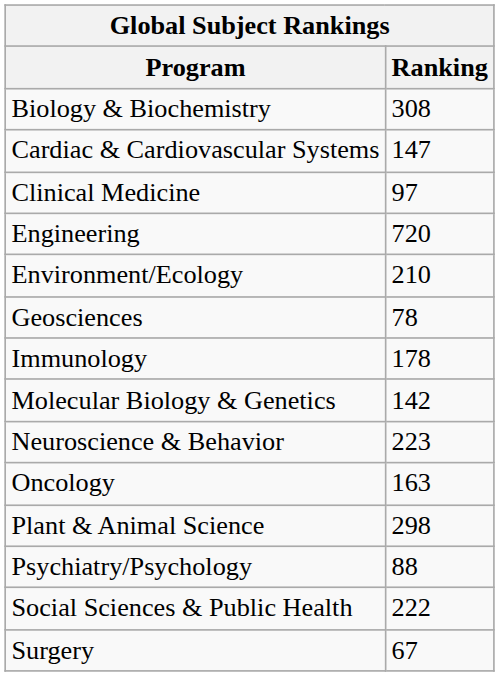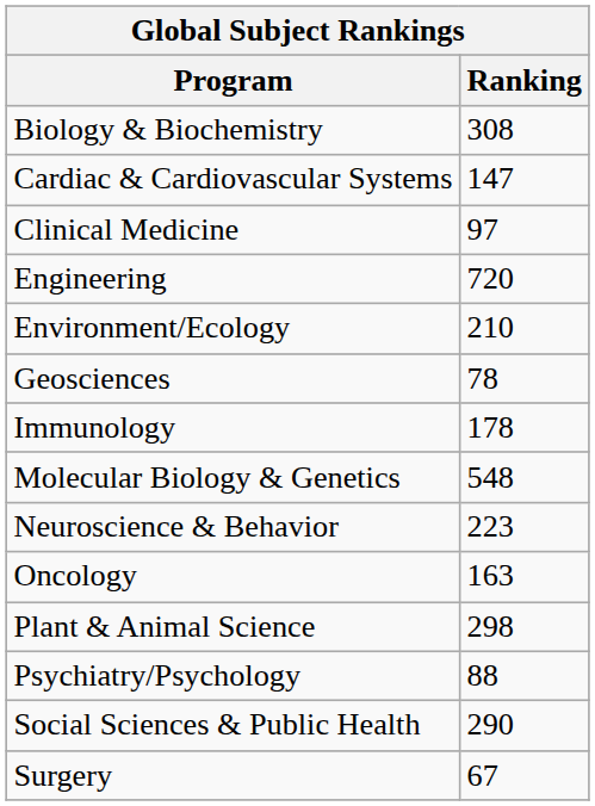 <table class="wikitable sortable collapsible collapsed" style="float:right" "text-align:center">
 <tr>
 <th colspan=4>Global Subject Rankings</th>
 </tr>
 <tr>
 <th>Program</th>
 <th>Ranking</th>
 </tr>
 <tr>
 <td>Biology & Biochemistry</td>
 <td>308</td>
 </tr>
 <tr>
 <td>Cardiac & Cardiovascular Systems</td>
 <td>147</td>
 </tr>
 <tr>
 <td>Clinical Medicine</td>
 <td>97</td>
 </tr>
 <tr>
 <td>Engineering</td>
 <td>720</td>
 </tr>
 <tr>
 <td>Environment/Ecology</td>
 <td>210</td>
 </tr>
 <tr>
 <td>Geosciences</td>
 <td>78</td>
 </tr>
 <tr>
 <td>Immunology</td>
 <td>178</td>
 </tr>
 <tr>
 <td>Molecular Biology & Genetics</td>
-<td>142</td>
+<td>548</td>
 </tr>
 <tr>
 <td>Neuroscience & Behavior</td>
 <td>223</td>
 </tr>
 <tr>
 <td>Oncology</td>
 <td>163</td>
 </tr>
 <tr>
 <td>Plant & Animal Science</td>
 <td>298</td>
 </tr>
 <tr>
 <td>Psychiatry/Psychology</td>
 <td>88</td>
 </tr>
 <tr>
 <td>Social Sciences & Public Health</td>
-<td>222</td>
+<td>290</td>
 </tr>
 <tr>
 <td>Surgery</td>
 <td>67</td>
 </tr>
 </table>
